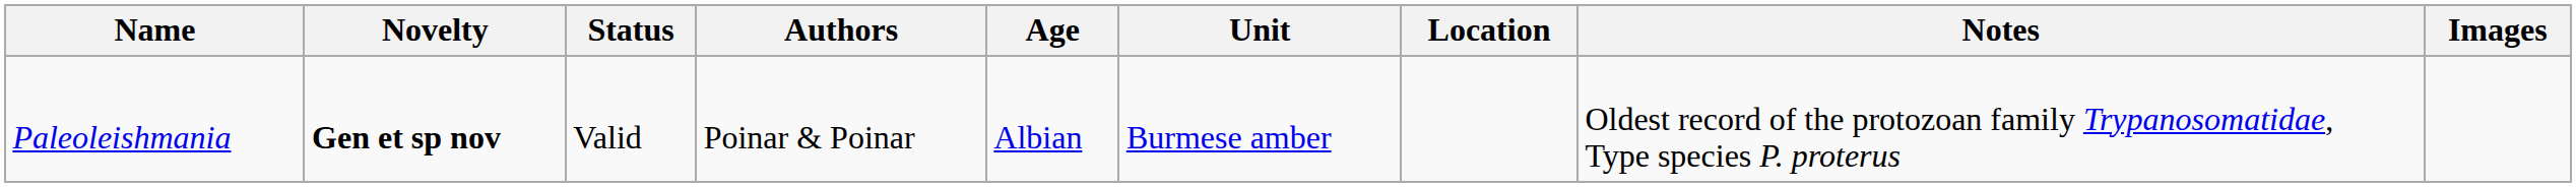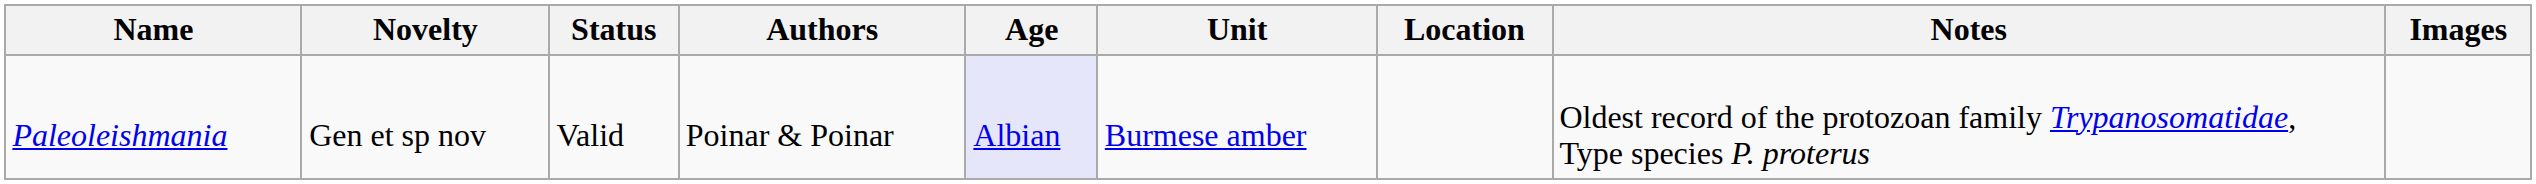 <table class="wikitable sortable" align="center" width="100%">
 <tr>
 <th>Name</th>
 <th>Novelty</th>
 <th>Status</th>
 <th>Authors</th>
 <th>Age</th>
 <th>Unit</th>
 <th>Location</th>
 <th width="33%">Notes</th>
 <th>Images</th>
 </tr>
 <tr>
 <td><br><em><a href='#'>Paleoleishmania</a></em></td>
-<td><strong><br>Gen et sp nov</strong></td>
+<td><br>Gen et sp nov</td>
 <td><br>Valid</td>
 <td><br>Poinar & Poinar</td>
-<td><br><a href='#'>Albian</a></td>
+<td style="background: lavender;"><br><a href='#'>Albian</a></td>
 <td><br><a href='#'>Burmese amber</a></td>
 <td><br></td>
 <td><br>Oldest record of the protozoan family <em><a href='#'>Trypanosomatidae</a></em>,<br> Type species <em>P. proterus</em></td>
 <td><br></td>
 </tr>
 <tr>
 </tr>
 </table>
